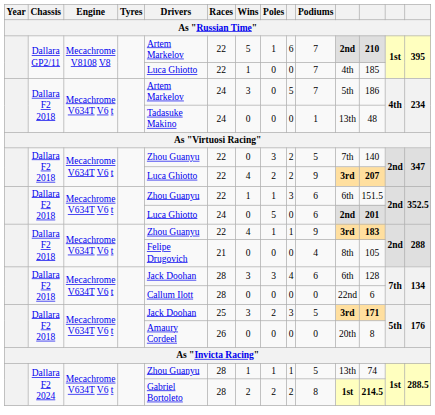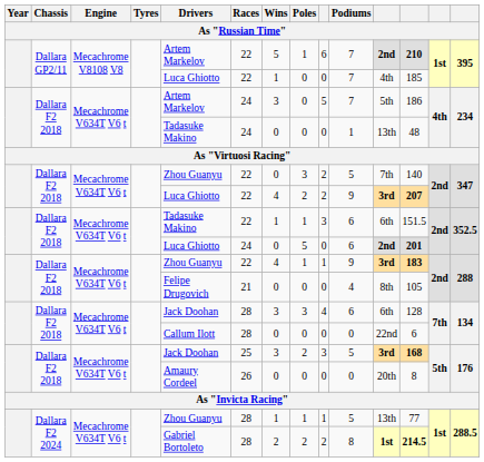 <table class="wikitable" style="text-align:center; font-size:85%">
 <tr>
 <th>Year</th>
 <th>Chassis</th>
 <th>Engine</th>
 <th>Tyres</th>
 <th>Drivers</th>
 <th>Races</th>
 <th>Wins</th>
 <th>Poles</th>
 <th></th>
 <th>Podiums</th>
 <th></th>
 <th></th>
 <th></th>
 <th></th>
 </tr>
 <tr>
 <th colspan="14" style="text-align:center;">As "<a href='#'>Russian Time</a>"</th>
 </tr>
 <tr>
 <th rowspan=2></th>
 <td rowspan=2><a href='#'>Dallara</a><br><a href='#'>GP2/11</a></td>
 <td rowspan=2><a href='#'>Mecachrome</a><br><a href='#'>V8108</a> <a href='#'>V8</a></td>
 <td rowspan=2></td>
 <td align=left> <a href='#'>Artem Markelov</a></td>
 <td>22</td>
 <td>5</td>
 <td>1</td>
 <td>6</td>
 <td>7</td>
 <td style="background:#dfdfdf;"><strong>2nd</strong></td>
 <td style="background:#dfdfdf;"><strong>210</strong></td>
 <th rowspan=2 style="background:#ffffbf;">1st</th>
 <th rowspan=2 style="background:#ffffbf;">395</th>
 </tr>
 <tr>
 <td align=left> <a href='#'>Luca Ghiotto</a></td>
 <td>22</td>
 <td>1</td>
 <td>0</td>
 <td>0</td>
 <td>7</td>
 <td>4th</td>
 <td>185</td>
 </tr>
 <tr>
 <th rowspan=2></th>
 <td rowspan=2><a href='#'>Dallara</a><br><a href='#'>F2 2018</a></td>
 <td rowspan=2><a href='#'>Mecachrome</a><br><a href='#'>V634T</a> <a href='#'>V6</a> <a href='#'>t</a></td>
 <td rowspan=2></td>
 <td align=left> <a href='#'>Artem Markelov</a></td>
 <td>24</td>
 <td>3</td>
 <td>0</td>
 <td>5</td>
 <td>7</td>
 <td>5th</td>
 <td>186</td>
 <th rowspan="2" style="background:;">4th</th>
 <th rowspan="2" style="background:;">234</th>
 </tr>
 <tr>
 <td align=left> <a href='#'>Tadasuke Makino</a></td>
 <td>24</td>
 <td>0</td>
 <td>0</td>
 <td>0</td>
 <td>1</td>
 <td>13th</td>
 <td>48</td>
 </tr>
 <tr>
 <th colspan="14" style="text-align:center;">As "Virtuosi Racing"</th>
 </tr>
 <tr>
 <th rowspan=2></th>
 <td rowspan=2><a href='#'>Dallara</a><br><a href='#'>F2 2018</a></td>
 <td rowspan=2><a href='#'>Mecachrome</a><br><a href='#'>V634T</a> <a href='#'>V6</a> <a href='#'>t</a></td>
 <td rowspan=2></td>
 <td align=left> <a href='#'>Zhou Guanyu</a></td>
 <td>22</td>
 <td>0</td>
 <td>3</td>
 <td>2</td>
 <td>5</td>
 <td>7th</td>
 <td>140</td>
 <th rowspan="2" style="background:#DFDFDF;">2nd</th>
 <th rowspan="2" style="background:#DFDFDF;">347</th>
 </tr>
 <tr>
 <td align=left> <a href='#'>Luca Ghiotto</a></td>
 <td>22</td>
 <td>4</td>
 <td>2</td>
 <td>2</td>
 <td>9</td>
 <td style="background:#FFDF9F;"><strong>3rd</strong></td>
 <td style="background:#FFDF9F;"><strong>207</strong></td>
 </tr>
 <tr>
 <th rowspan=2></th>
 <td rowspan=2><a href='#'>Dallara</a><br><a href='#'>F2 2018</a></td>
 <td rowspan=2><a href='#'>Mecachrome</a><br><a href='#'>V634T</a> <a href='#'>V6</a> <a href='#'>t</a></td>
 <td rowspan=2></td>
-<td align=left> <a href='#'>Zhou Guanyu</a></td>
+<td align=left> <a href='#'>Tadasuke Makino</a></td>
 <td>22</td>
 <td>1</td>
 <td>1</td>
 <td>3</td>
 <td>6</td>
 <td>6th</td>
 <td>151.5</td>
 <th rowspan="2" style="background:#DFDFDF;">2nd</th>
 <th rowspan="2" style="background:#DFDFDF;">352.5</th>
 </tr>
 <tr>
 <td align=left> <a href='#'>Luca Ghiotto</a></td>
 <td>24</td>
 <td>0</td>
 <td>5</td>
 <td>0</td>
 <td>6</td>
 <td style="background:#DFDFDF;"><strong>2nd</strong></td>
 <td style="background:#DFDFDF;"><strong>201</strong></td>
 </tr>
 <tr>
 <th rowspan=2></th>
 <td rowspan=2><a href='#'>Dallara</a><br><a href='#'>F2 2018</a></td>
 <td rowspan=2><a href='#'>Mecachrome</a><br><a href='#'>V634T</a> <a href='#'>V6</a> <a href='#'>t</a></td>
 <td rowspan=2></td>
 <td align=left> <a href='#'>Zhou Guanyu</a></td>
 <td>22</td>
 <td>4</td>
 <td>1</td>
 <td>1</td>
 <td>9</td>
 <td style="background:#FFDF9F;"><strong>3rd</strong></td>
 <td style="background:#FFDF9F;"><strong>183</strong></td>
 <th rowspan="2" style="background:#DFDFDF;">2nd</th>
 <th rowspan="2" style="background:#DFDFDF;">288</th>
 </tr>
 <tr>
 <td align=left> <a href='#'>Felipe Drugovich</a></td>
 <td>21</td>
 <td>0</td>
 <td>0</td>
 <td>0</td>
 <td>4</td>
 <td>8th</td>
 <td>105</td>
 </tr>
 <tr>
 <th rowspan=2></th>
 <td rowspan=2><a href='#'>Dallara</a><br><a href='#'>F2 2018</a></td>
 <td rowspan=2><a href='#'>Mecachrome</a><br><a href='#'>V634T</a> <a href='#'>V6</a> <a href='#'>t</a></td>
 <td rowspan=2></td>
 <td align=left> <a href='#'>Jack Doohan</a></td>
 <td>28</td>
 <td>3</td>
 <td>3</td>
 <td>4</td>
 <td>6</td>
 <td style="background:;">6th</td>
 <td style="background:;">128</td>
 <th rowspan="2" style="background:;">7th</th>
 <th rowspan="2" style="background:;">134</th>
 </tr>
 <tr>
 <td align=left> <a href='#'>Callum Ilott</a></td>
 <td>28</td>
 <td>0</td>
 <td>0</td>
 <td>0</td>
 <td>0</td>
 <td>22nd</td>
 <td>6</td>
 </tr>
 <tr>
 <th rowspan=2></th>
 <td rowspan=2><a href='#'>Dallara</a><br><a href='#'>F2 2018</a></td>
 <td rowspan=2><a href='#'>Mecachrome</a><br><a href='#'>V634T</a> <a href='#'>V6</a> <a href='#'>t</a></td>
 <td rowspan=2></td>
 <td align=left> <a href='#'>Jack Doohan</a></td>
 <td>25</td>
 <td>3</td>
 <td>2</td>
 <td>3</td>
 <td>5</td>
 <td style="background:#FFDF9F;"><strong>3rd</strong></td>
-<td style="background:#FFDF9F;"><strong>171</strong></td>
+<td style="background:#FFDF9F;"><strong>168</strong></td>
 <th rowspan="2" style="background:;">5th</th>
 <th rowspan="2" style="background:;">176</th>
 </tr>
 <tr>
 <td align=left> <a href='#'>Amaury Cordeel</a></td>
 <td>26</td>
 <td>0</td>
 <td>0</td>
 <td>0</td>
 <td>0</td>
 <td>20th</td>
 <td>8</td>
 </tr>
 <tr>
 <th colspan="14" style="text-align:center;">As "<a href='#'>Invicta Racing</a>"</th>
 </tr>
 <tr>
 <th rowspan=2></th>
 <td rowspan=2><a href='#'>Dallara</a><br><a href='#'>F2 2024</a></td>
 <td rowspan=2><a href='#'>Mecachrome</a><br><a href='#'>V634T</a> <a href='#'>V6</a> <a href='#'>t</a></td>
 <td rowspan=2></td>
 <td align=left> <a href='#'>Zhou Guanyu</a></td>
 <td>28</td>
 <td>1</td>
 <td>1</td>
 <td>1</td>
 <td>5</td>
 <td style="background:#;">13th</td>
-<td style="background:#;">74</td>
+<td style="background:#;">77</td>
 <th rowspan="2" style="background:#FFFFBF;">1st</th>
 <th rowspan="2" style="background:#FFFFBF;">288.5</th>
 </tr>
 <tr>
 <td align=left> <a href='#'>Gabriel Bortoleto</a></td>
 <td>28</td>
 <td>2</td>
 <td>2</td>
 <td>2</td>
 <td>8</td>
 <td style="background:#FFFFBF;"><strong>1st</strong></td>
 <td style="background:#FFFFBF;"><strong>214.5</strong></td>
 </tr>
 </table>
